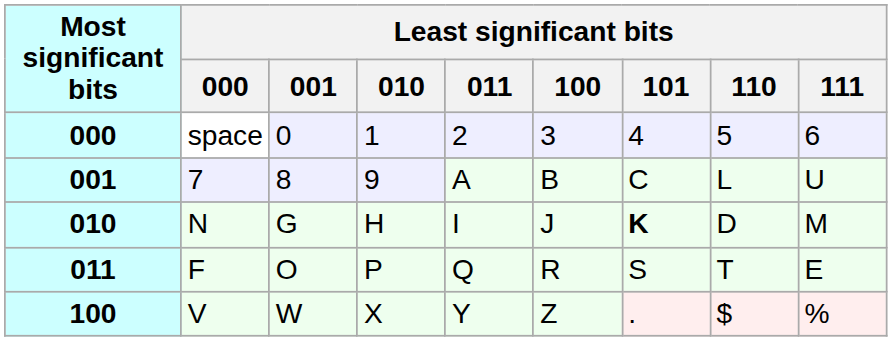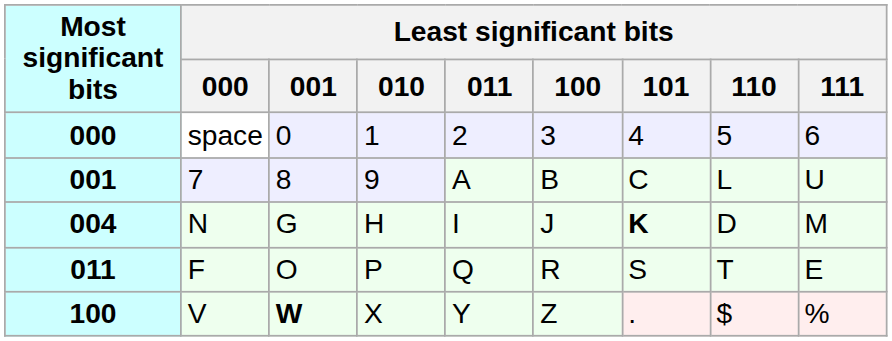 <table class="wikitable">
 <tr>
 <th style="background:#ccffff" rowspan=2>Most<br>significant<br>bits</th>
 <th colspan="8">Least significant bits</th>
 </tr>
 <tr>
 <th width="10%">000</th>
 <th width="10%">001</th>
 <th width="10%">010</th>
 <th width="10%">011</th>
 <th width="10%">100</th>
 <th width="10%">101</th>
 <th width="10%">110</th>
 <th width="10%">111</th>
 </tr>
 <tr>
 <th style="background:#ccffff">000</th>
 <td style="background:white">space</td>
 <td style="background:#eeeeff">0</td>
 <td style="background:#eeeeff">1</td>
 <td style="background:#eeeeff">2</td>
 <td style="background:#eeeeff">3</td>
 <td style="background:#eeeeff">4</td>
 <td style="background:#eeeeff">5</td>
 <td style="background:#eeeeff">6</td>
 </tr>
 <tr>
 <th style="background:#ccffff">001</th>
 <td style="background:#eeeeff">7</td>
 <td style="background:#eeeeff">8</td>
 <td style="background:#eeeeff">9</td>
 <td style="background:#eeffee">A</td>
 <td style="background:#eeffee">B</td>
 <td style="background:#eeffee">C</td>
 <td style="background:#eeffee">L</td>
 <td style="background:#eeffee">U</td>
 </tr>
 <tr>
-<th style="background:#ccffff">010</th>
+<th style="background:#ccffff">004</th>
 <td style="background:#eeffee">N</td>
 <td style="background:#eeffee">G</td>
 <td style="background:#eeffee">H</td>
 <td style="background:#eeffee">I</td>
 <td style="background:#eeffee">J</td>
 <td style="background:#eeffee"><strong>K</strong></td>
 <td style="background:#eeffee">D</td>
 <td style="background:#eeffee">M</td>
 </tr>
 <tr>
 <th style="background:#ccffff">011</th>
 <td style="background:#eeffee">F</td>
 <td style="background:#eeffee">O</td>
 <td style="background:#eeffee">P</td>
 <td style="background:#eeffee">Q</td>
 <td style="background:#eeffee">R</td>
 <td style="background:#eeffee">S</td>
 <td style="background:#eeffee">T</td>
 <td style="background:#eeffee">E</td>
 </tr>
 <tr>
 <th style="background:#ccffff">100</th>
 <td style="background:#eeffee">V</td>
-<td style="background:#eeffee">W</td>
+<td style="background:#eeffee"><strong>W</strong></td>
 <td style="background:#eeffee">X</td>
 <td style="background:#eeffee">Y</td>
 <td style="background:#eeffee">Z</td>
 <td style="background:#ffeeee">.</td>
 <td style="background:#ffeeee">$</td>
 <td style="background:#ffeeee">%</td>
 </tr>
 </table>
